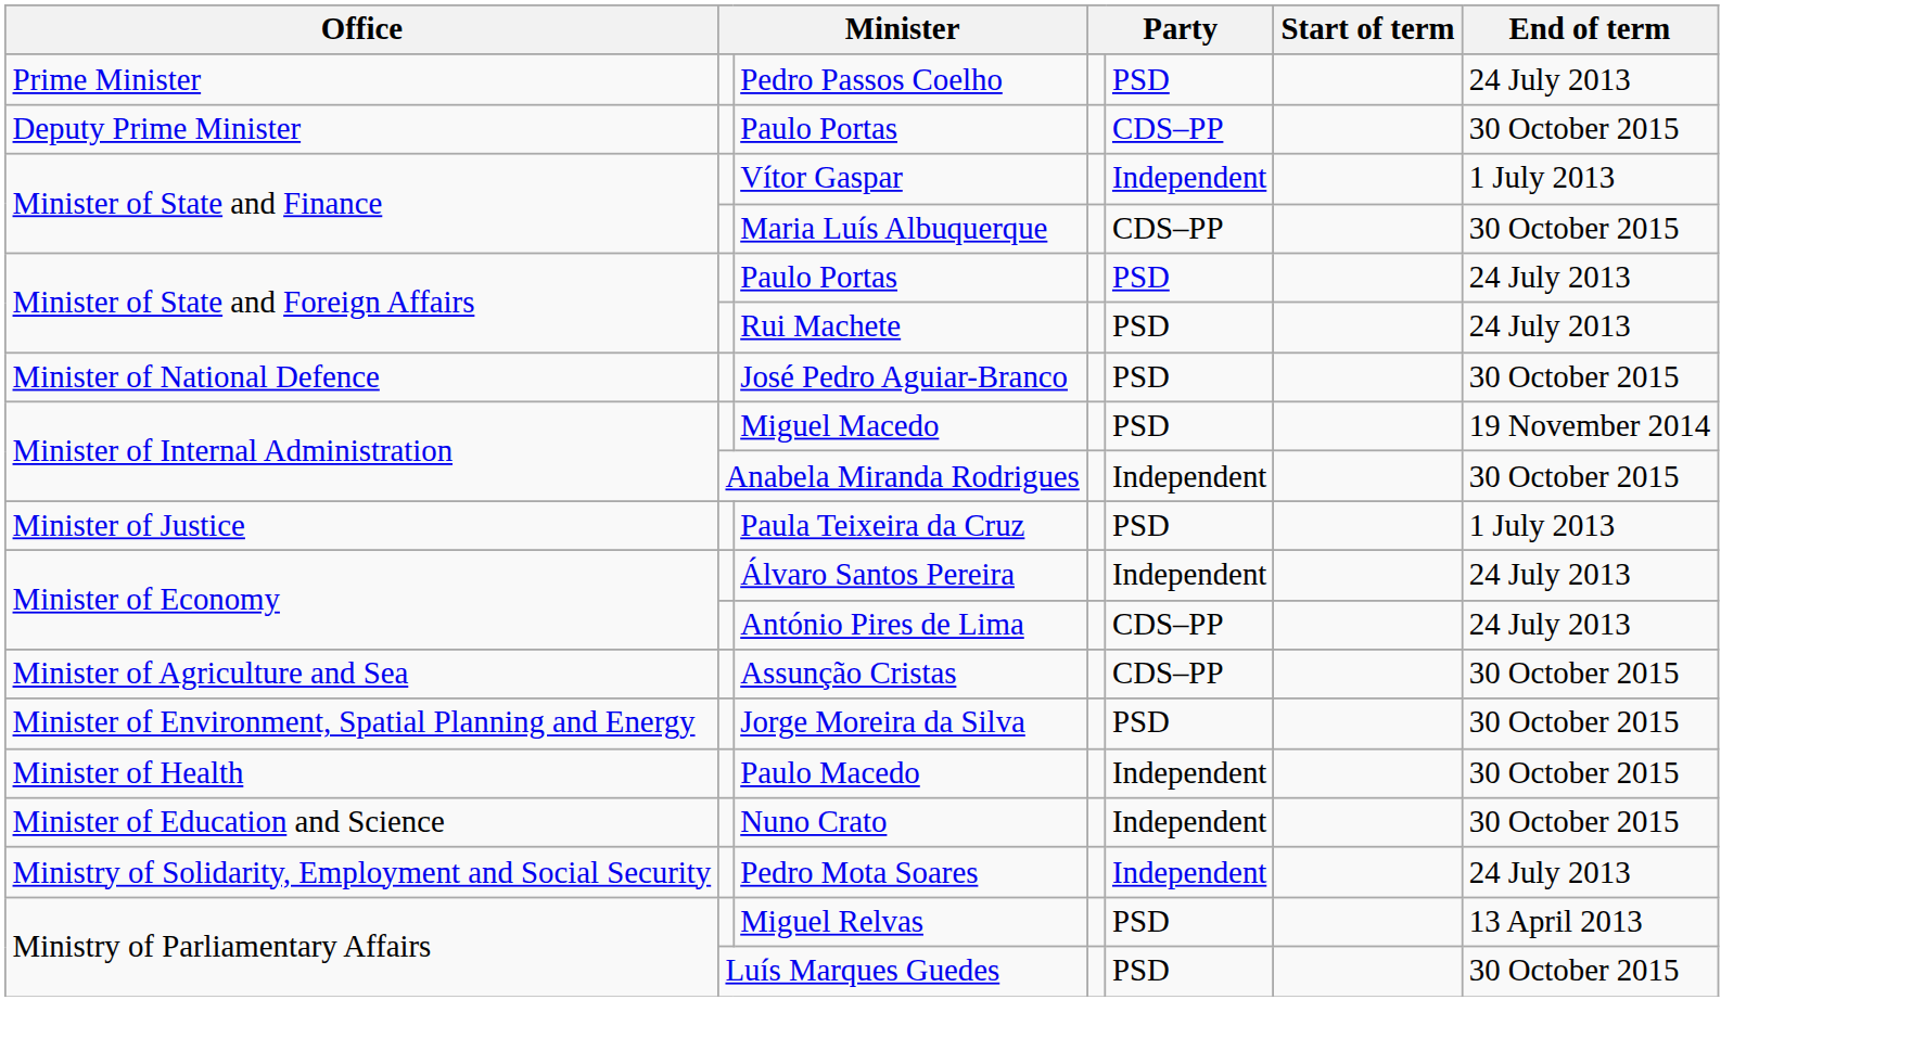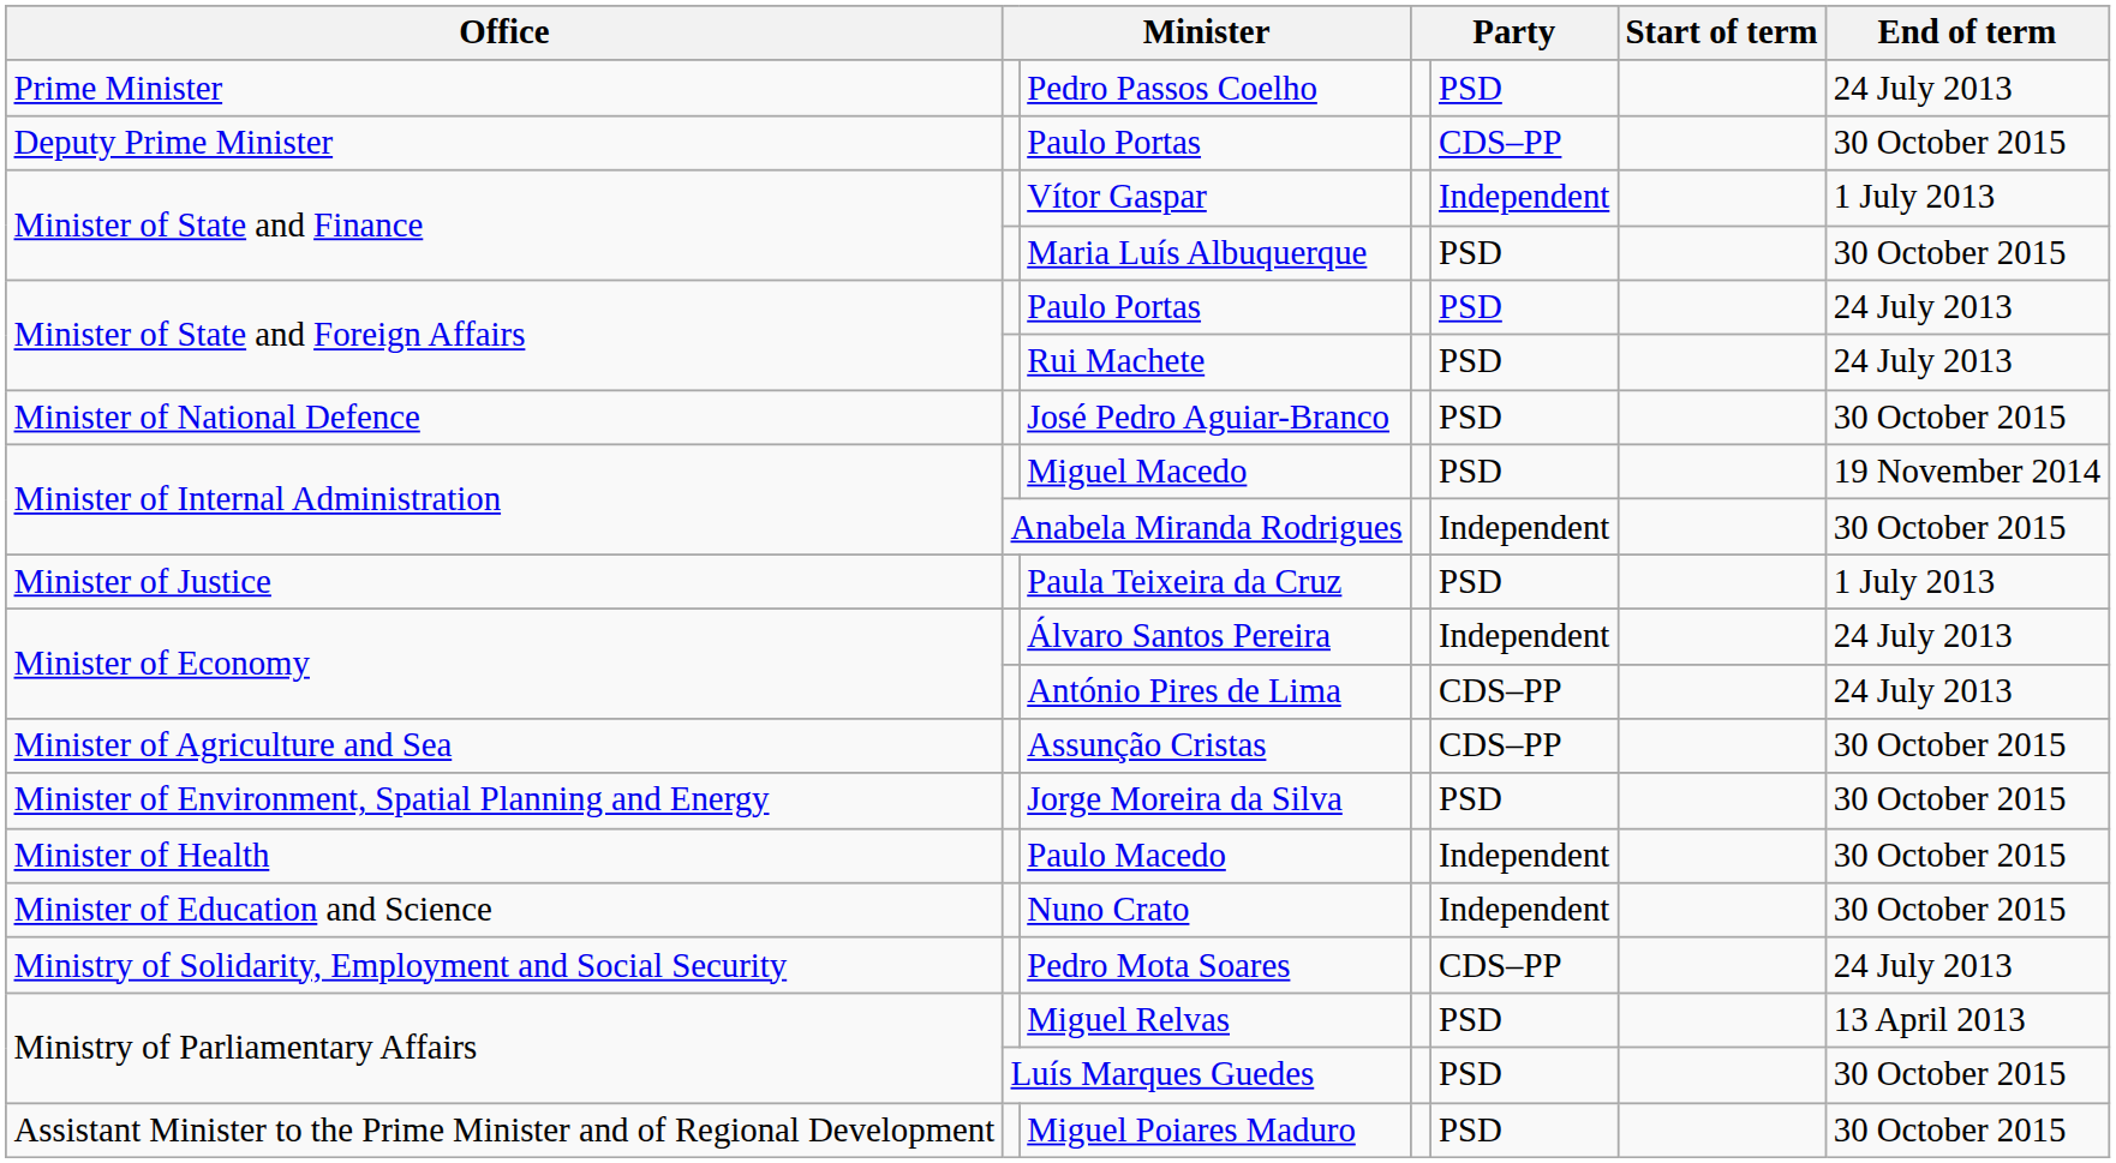 <table class="wikitable" style="font-size: 100%;">
 <tr>
 <th>Office</th>
 <th colspan="2">Minister</th>
 <th colspan="2">Party</th>
 <th>Start of term</th>
 <th>End of term</th>
 </tr>
 <tr>
 <td><a href='#'>Prime Minister</a></td>
 <td></td>
 <td><a href='#'>Pedro Passos Coelho</a></td>
 <td style="background:"></td>
 <td><a href='#'>PSD</a></td>
 <td></td>
 <td>24 July 2013</td>
 </tr>
 <tr>
 <td><a href='#'>Deputy Prime Minister</a></td>
 <td></td>
 <td><a href='#'>Paulo Portas</a></td>
 <td style="background:"></td>
 <td><a href='#'>CDS–PP</a></td>
 <td></td>
 <td>30 October 2015</td>
 </tr>
 <tr>
 <td rowspan="2"><a href='#'>Minister of State</a> and <a href='#'>Finance</a></td>
 <td></td>
 <td><a href='#'>Vítor Gaspar</a></td>
 <td width="2px" style="background:"></td>
 <td><a href='#'>Independent</a></td>
 <td></td>
 <td>1 July 2013</td>
 </tr>
 <tr>
 <td></td>
 <td><a href='#'>Maria Luís Albuquerque</a></td>
 <td style="background:"></td>
-<td>CDS–PP</td>
+<td>PSD</td>
 <td></td>
 <td>30 October 2015</td>
 </tr>
 <tr>
 <td rowspan="2"><a href='#'>Minister of State</a> and <a href='#'>Foreign Affairs</a></td>
 <td></td>
 <td><a href='#'>Paulo Portas</a></td>
 <td style="background:"></td>
 <td><a href='#'>PSD</a></td>
 <td></td>
 <td>24 July 2013</td>
 </tr>
 <tr>
 <td></td>
 <td><a href='#'>Rui Machete</a></td>
 <td style="background:"></td>
 <td>PSD</td>
 <td></td>
 <td>24 July 2013</td>
 </tr>
 <tr>
 <td rowspan="1"><a href='#'>Minister of National Defence</a></td>
 <td></td>
 <td><a href='#'>José Pedro Aguiar-Branco</a></td>
 <td style="background:"></td>
 <td>PSD</td>
 <td></td>
 <td>30 October 2015</td>
 </tr>
 <tr>
 <td rowspan="2"><a href='#'>Minister of Internal Administration</a></td>
 <td></td>
 <td><a href='#'>Miguel Macedo</a></td>
 <td style="background:"></td>
 <td>PSD</td>
 <td></td>
 <td>19 November 2014</td>
 </tr>
 <tr>
 <td colspan="2"><a href='#'>Anabela Miranda Rodrigues</a></td>
 <td width="2px" style="background:"></td>
 <td>Independent</td>
 <td></td>
 <td>30 October 2015</td>
 </tr>
 <tr>
 <td rowspan="1"><a href='#'>Minister of Justice</a></td>
 <td></td>
 <td><a href='#'>Paula Teixeira da Cruz</a></td>
 <td style="background:"></td>
 <td>PSD</td>
 <td></td>
 <td>1 July 2013</td>
 </tr>
 <tr>
 <td rowspan="2"><a href='#'>Minister of Economy</a></td>
 <td></td>
 <td><a href='#'>Álvaro Santos Pereira</a></td>
 <td width="2px" style="background:"></td>
 <td>Independent</td>
 <td></td>
 <td>24 July 2013</td>
 </tr>
 <tr>
 <td></td>
 <td><a href='#'>António Pires de Lima</a></td>
 <td style="background:"></td>
 <td>CDS–PP</td>
 <td></td>
 <td>24 July 2013</td>
 </tr>
 <tr>
 <td rowspan="1"><a href='#'>Minister of Agriculture and Sea</a></td>
 <td></td>
 <td><a href='#'>Assunção Cristas</a></td>
 <td style="background:"></td>
 <td>CDS–PP</td>
 <td></td>
 <td>30 October 2015</td>
 </tr>
 <tr>
 <td rowspan="1"><a href='#'>Minister of Environment, Spatial Planning and Energy</a></td>
 <td></td>
 <td><a href='#'>Jorge Moreira da Silva</a></td>
 <td style="background:"></td>
 <td>PSD</td>
 <td></td>
 <td>30 October 2015</td>
 </tr>
 <tr>
 <td rowspan="1"><a href='#'>Minister of Health</a></td>
 <td></td>
 <td><a href='#'>Paulo Macedo</a></td>
 <td width="2px" style="background:"></td>
 <td>Independent</td>
 <td></td>
 <td>30 October 2015</td>
 </tr>
 <tr>
 <td rowspan="1"><a href='#'>Minister of Education</a> and Science</td>
 <td></td>
 <td><a href='#'>Nuno Crato</a></td>
 <td width="2px" style="background:"></td>
 <td>Independent</td>
 <td></td>
 <td>30 October 2015</td>
 </tr>
 <tr>
 <td rowspan="1"><a href='#'>Ministry of Solidarity, Employment and Social Security</a></td>
 <td></td>
 <td><a href='#'>Pedro Mota Soares</a></td>
 <td style="background:"></td>
-<td><a href='#'>Independent</a></td>
+<td>CDS–PP</td>
 <td></td>
 <td>24 July 2013</td>
 </tr>
 <tr>
 <td rowspan="2">Ministry of Parliamentary Affairs</td>
 <td></td>
 <td><a href='#'>Miguel Relvas</a></td>
 <td style="background:"></td>
 <td>PSD</td>
 <td></td>
 <td>13 April 2013</td>
 </tr>
 <tr>
 <td colspan="2"><a href='#'>Luís Marques Guedes</a></td>
 <td style="background:"></td>
 <td>PSD</td>
 <td></td>
 <td>30 October 2015</td>
 </tr>
+<tr>
+<td rowspan="1">Assistant Minister to the Prime Minister and of Regional Development</td>
+<td></td>
+<td><a href='#'>Miguel Poiares Maduro</a></td>
+<td style="background:"></td>
+<td>PSD</td>
+<td></td>
+<td>30 October 2015</td>
+</tr>
 </table>
